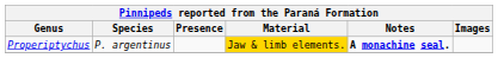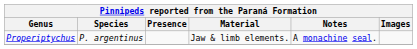 <table class="wikitable" align="center">
 <tr>
 <th colspan="6" align="center"><strong><a href='#'>Pinnipeds</a> reported from the Paraná Formation</strong></th>
 </tr>
 <tr>
 <th>Genus</th>
 <th>Species</th>
 <th>Presence</th>
 <th><strong>Material</strong></th>
 <th>Notes</th>
 <th>Images</th>
 </tr>
 <tr>
 <td><em><a href='#'>Properiptychus</a></em></td>
 <td><em>P. argentinus</em></td>
 <td></td>
-<td style="background: gold;">Jaw & limb elements.</td>
-<td><strong>A <a href='#'>monachine</a> <a href='#'>seal</a>.</strong></td>
+<td>Jaw & limb elements.</td>
+<td>A <a href='#'>monachine</a> <a href='#'>seal</a>.</td>
 <td></td>
 </tr>
 <tr>
 </tr>
 </table>
